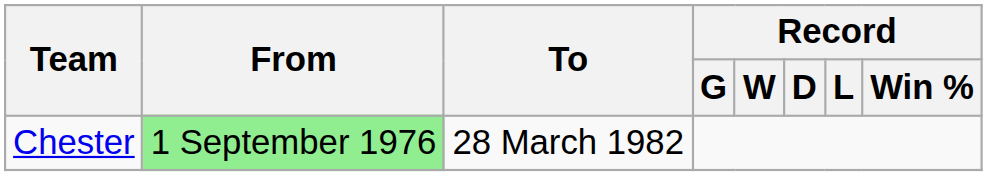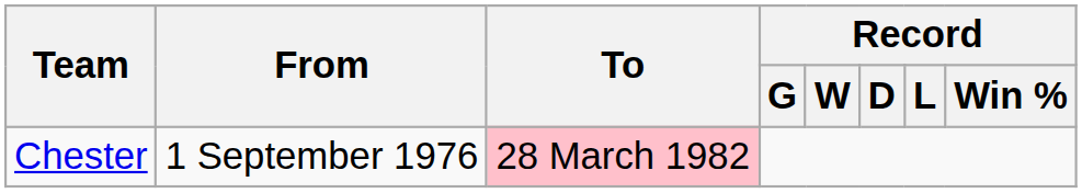 <table class="wikitable" style="text-align: center">
 <tr>
 <th rowspan="2">Team</th>
 <th rowspan="2">From</th>
 <th rowspan="2">To</th>
 <th colspan="5">Record</th>
 </tr>
 <tr>
 <th>G</th>
 <th>W</th>
 <th>D</th>
 <th>L</th>
 <th>Win %</th>
 </tr>
 <tr>
 <td align=left><a href='#'>Chester</a></td>
-<td align=left style="background: lightgreen;">1 September 1976</td>
-<td align=left>28 March 1982<br></td>
+<td align=left>1 September 1976</td>
+<td align=left style="background: pink;">28 March 1982<br></td>
 </tr>
 </table>
